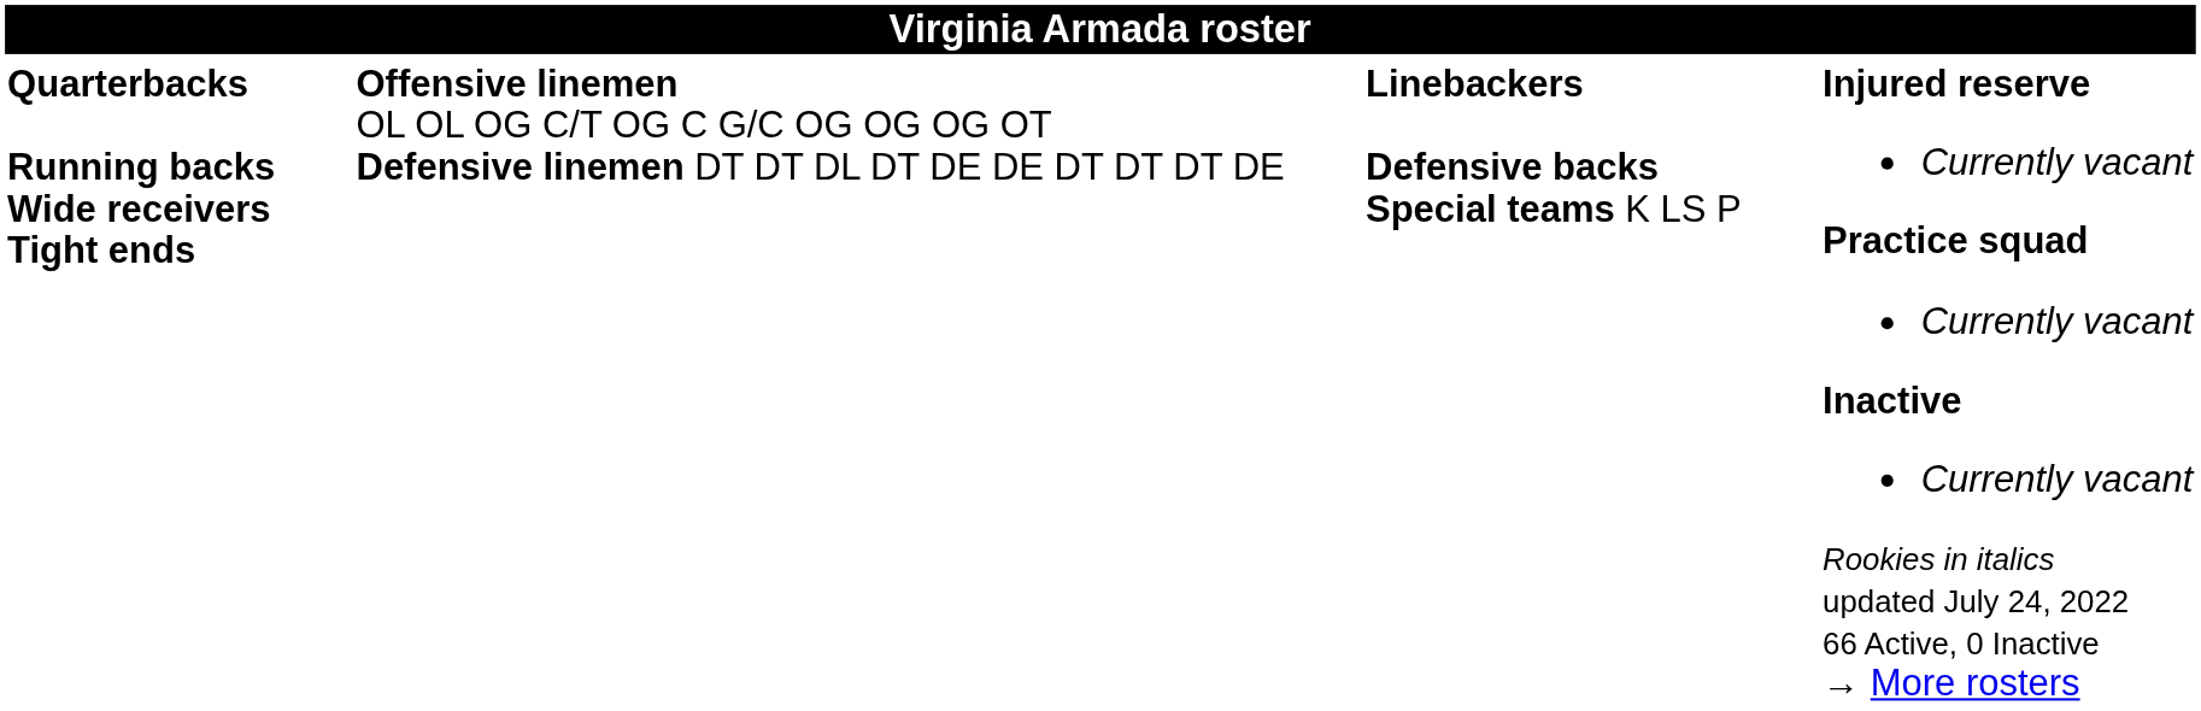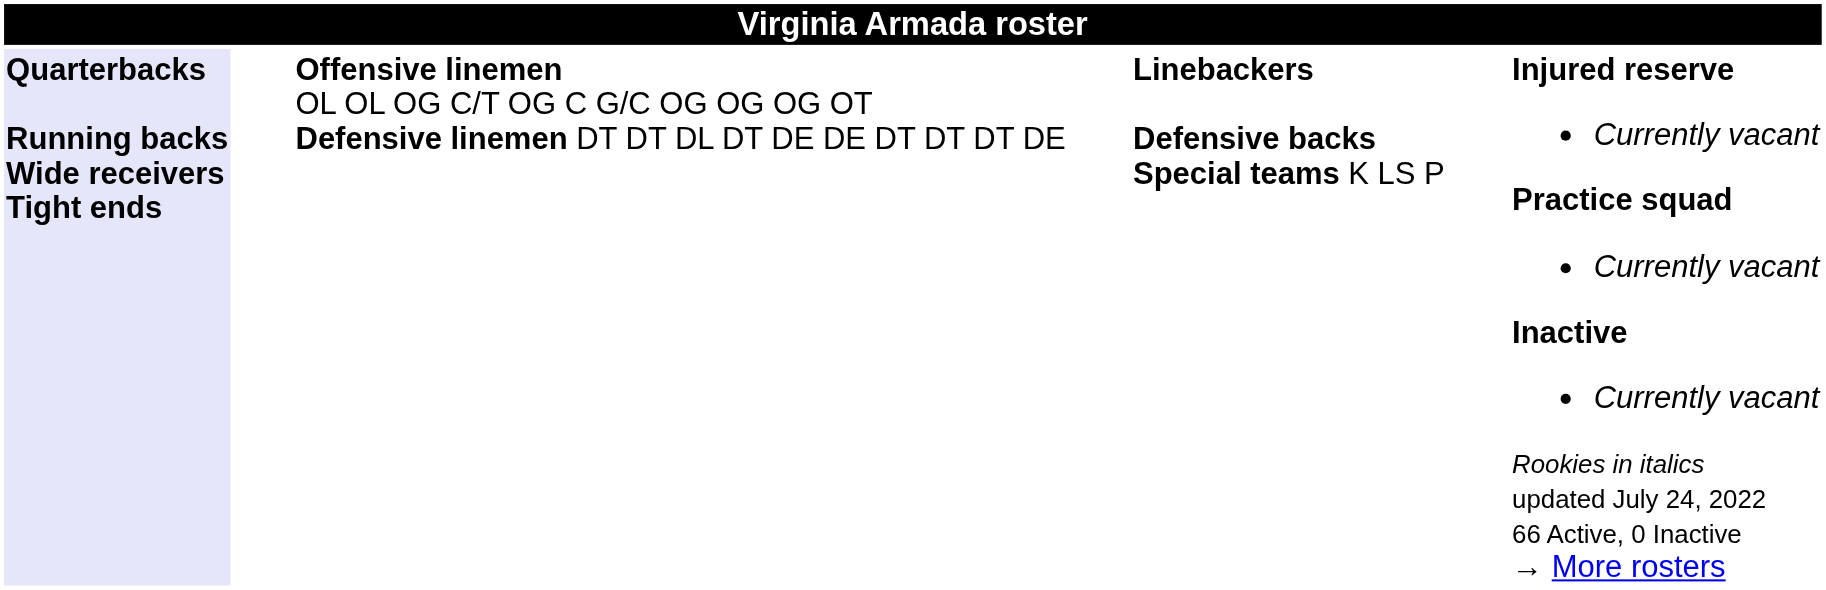 <table class="toccolours" style="text-align: left;">
 <tr>
 <th colspan="7" style="background-color:#000000;color:#FFFFFF;text-align:center;">Virginia Armada roster</th>
 </tr>
 <tr>
-<td style="font-size: 95%;vertical-align:top;"><strong>Quarterbacks</strong><br>   <br><strong>Running backs</strong>    <br><strong>Wide receivers</strong>         <br><strong>Tight ends</strong>    </td>
+<td style="background: lavender; font-size: 95%;vertical-align:top;"><strong>Quarterbacks</strong><br>   <br><strong>Running backs</strong>    <br><strong>Wide receivers</strong>         <br><strong>Tight ends</strong>    </td>
 <td style="width: 25px;"></td>
 <td style="font-size: 95%;vertical-align:top;"><strong>Offensive linemen</strong><br> OL  OL  OG  C/T  OG  C  G/C  OG  OG  OG  OT<br><strong>Defensive linemen</strong>  DT  DT  DL  DT  DE  DE  DT  DT  DT  DE</td>
 <td style="width: 25px;"></td>
 <td style="font-size: 95%;vertical-align:top;"><strong>Linebackers</strong><br>       <br><strong>Defensive backs</strong>            <br><strong>Special teams</strong>  K  LS  P</td>
 <td style="width: 25px;"></td>
 <td style="font-size: 95%;vertical-align:top;"><strong>Injured reserve</strong><br><ul><li><em>Currently vacant</em></li></ul><strong>Practice squad</strong><ul><li><em>Currently vacant</em></li></ul><strong>Inactive</strong><ul><li><em>Currently vacant</em></li></ul><small><em>Rookies in italics</em><br>  updated July 24, 2022<br> 66 Active, 0 Inactive</small><br>→ <a href='#'>More rosters</a></td>
 </tr>
 <tr>
 </tr>
 </table>
